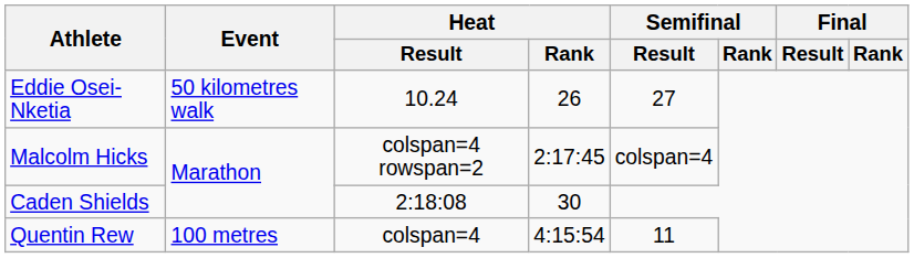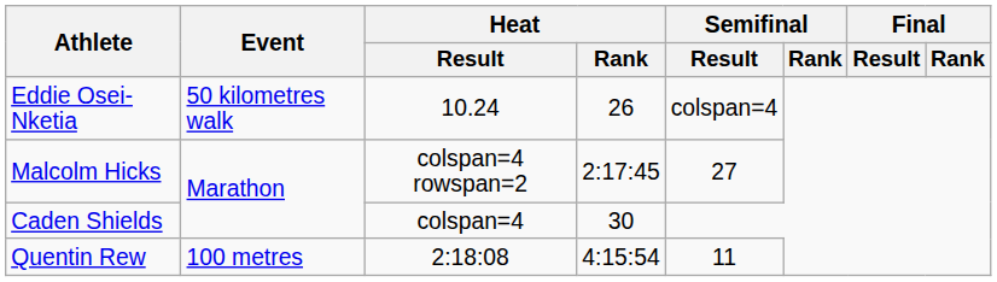 <table class=wikitable style=font-size:90%>
 <tr>
 <th rowspan=2>Athlete</th>
 <th rowspan=2>Event</th>
 <th colspan=2>Heat</th>
 <th colspan=2>Semifinal</th>
 <th colspan=2>Final</th>
 </tr>
 <tr style=font-size:95%>
 <th>Result</th>
 <th>Rank</th>
 <th>Result</th>
 <th>Rank</th>
 <th>Result</th>
 <th>Rank</th>
 </tr>
 <tr align=center>
 <td align=left><a href='#'>Eddie Osei-Nketia</a></td>
 <td align=left><a href='#'>50 kilometres walk</a></td>
 <td>10.24</td>
 <td>26</td>
-<td>27</td>
+<td>colspan=4 </td>
 </tr>
 <tr align=center>
 <td align=left><a href='#'>Malcolm Hicks</a></td>
 <td align=left rowspan=2><a href='#'>Marathon</a></td>
 <td>colspan=4 rowspan=2 </td>
 <td>2:17:45</td>
-<td>colspan=4 </td>
+<td>27</td>
 </tr>
 <tr align=center>
 <td align=left><a href='#'>Caden Shields</a></td>
-<td>2:18:08</td>
+<td>colspan=4 </td>
 <td>30</td>
 </tr>
 <tr align=center>
 <td align=left><a href='#'>Quentin Rew</a></td>
 <td align=left><a href='#'>100 metres</a></td>
-<td>colspan=4 </td>
+<td>2:18:08</td>
 <td>4:15:54</td>
 <td>11</td>
 </tr>
 </table>
